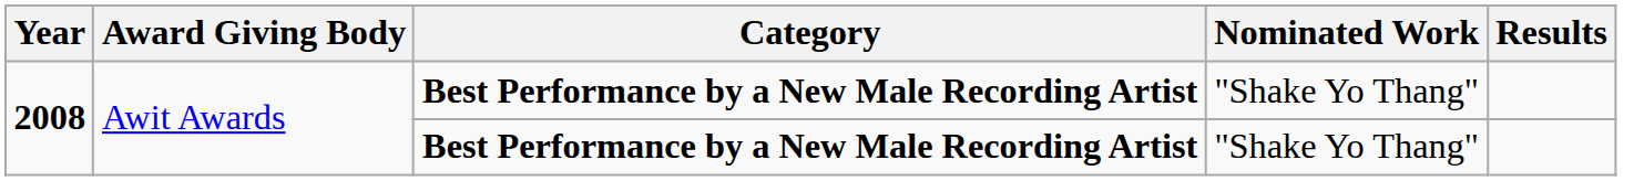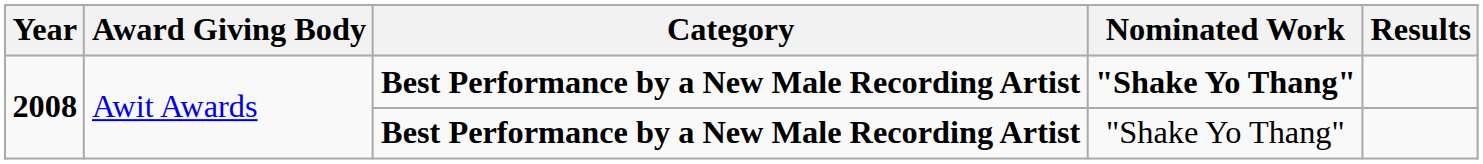 <table class="wikitable">
 <tr>
 <th>Year</th>
 <th>Award Giving Body</th>
 <th>Category</th>
 <th>Nominated Work</th>
 <th>Results</th>
 </tr>
 <tr>
 <td rowspan=2><strong>2008</strong></td>
 <td rowspan=2><a href='#'>Awit Awards</a></td>
 <td><strong>Best Performance by a New Male Recording Artist</strong> </td>
-<td align=center>"Shake Yo Thang"</td>
+<td align=center><strong>"Shake Yo Thang"</strong></td>
 <td></td>
 </tr>
 <tr>
 <td><strong>Best Performance by a New Male Recording Artist</strong> </td>
 <td align=center>"Shake Yo Thang"</td>
 <td></td>
 </tr>
 </table>
